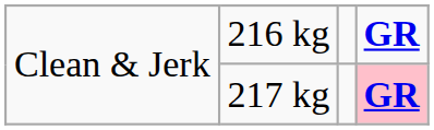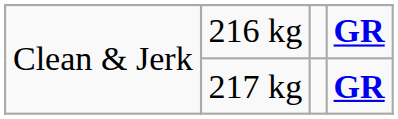 <table class = "wikitable" style="text-align:center;">
 <tr>
 <td rowspan=2>Clean & Jerk</td>
 <td>216 kg</td>
 <td align=left></td>
 <td><strong><a href='#'>GR</a></strong></td>
 </tr>
 <tr>
 <td>217 kg</td>
 <td align=left></td>
-<td style="background: pink;"><strong><a href='#'>GR</a></strong></td>
+<td><strong><a href='#'>GR</a></strong></td>
 </tr>
 </table>
